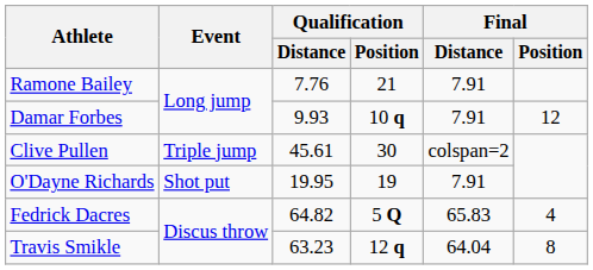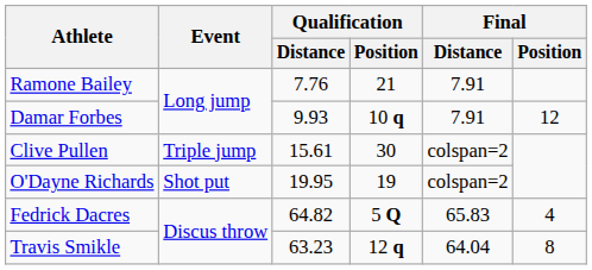 <table class=wikitable style=font-size:90%>
 <tr>
 <th rowspan=2>Athlete</th>
 <th rowspan=2>Event</th>
 <th colspan=2>Qualification</th>
 <th colspan=2>Final</th>
 </tr>
 <tr style=font-size:95%>
 <th>Distance</th>
 <th>Position</th>
 <th>Distance</th>
 <th>Position</th>
 </tr>
 <tr align=center>
 <td align=left><a href='#'>Ramone Bailey</a></td>
 <td align=left rowspan=2><a href='#'>Long jump</a></td>
 <td>7.76</td>
 <td>21</td>
 <td>7.91</td>
 </tr>
 <tr align=center>
 <td align=left><a href='#'>Damar Forbes</a></td>
 <td>9.93</td>
 <td>10 <strong>q</strong></td>
 <td>7.91</td>
 <td>12</td>
 </tr>
 <tr align=center>
 <td align=left><a href='#'>Clive Pullen</a></td>
 <td align=left><a href='#'>Triple jump</a></td>
-<td>45.61</td>
+<td>15.61</td>
 <td>30</td>
 <td>colspan=2 </td>
 </tr>
 <tr align=center>
 <td align=left><a href='#'>O'Dayne Richards</a></td>
 <td align=left><a href='#'>Shot put</a></td>
 <td>19.95</td>
 <td>19</td>
-<td>7.91</td>
+<td>colspan=2 </td>
 </tr>
 <tr align=center>
 <td align=left><a href='#'>Fedrick Dacres</a></td>
 <td align=left  rowspan=2><a href='#'>Discus throw</a></td>
 <td>64.82</td>
 <td>5 <strong>Q</strong></td>
 <td>65.83</td>
 <td>4</td>
 </tr>
 <tr align=center>
 <td align=left><a href='#'>Travis Smikle</a></td>
 <td>63.23</td>
 <td>12 <strong>q</strong></td>
 <td>64.04</td>
 <td>8</td>
 </tr>
 </table>
